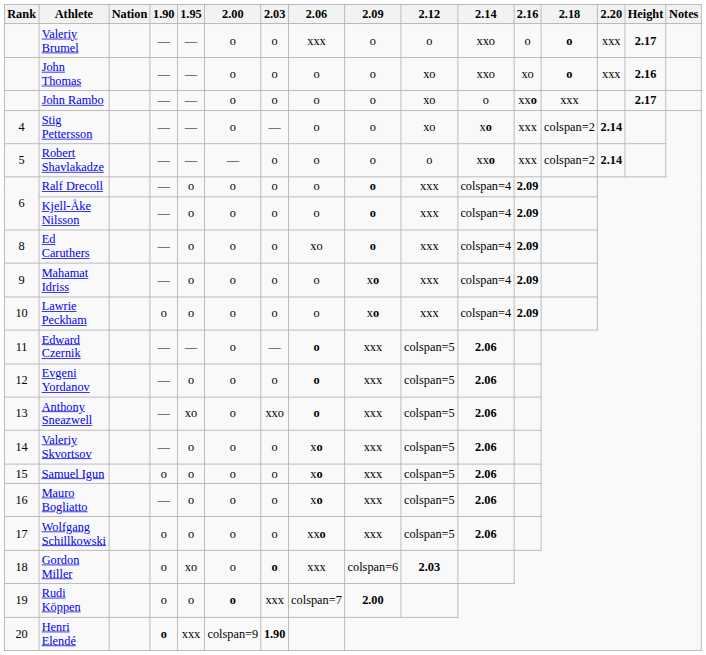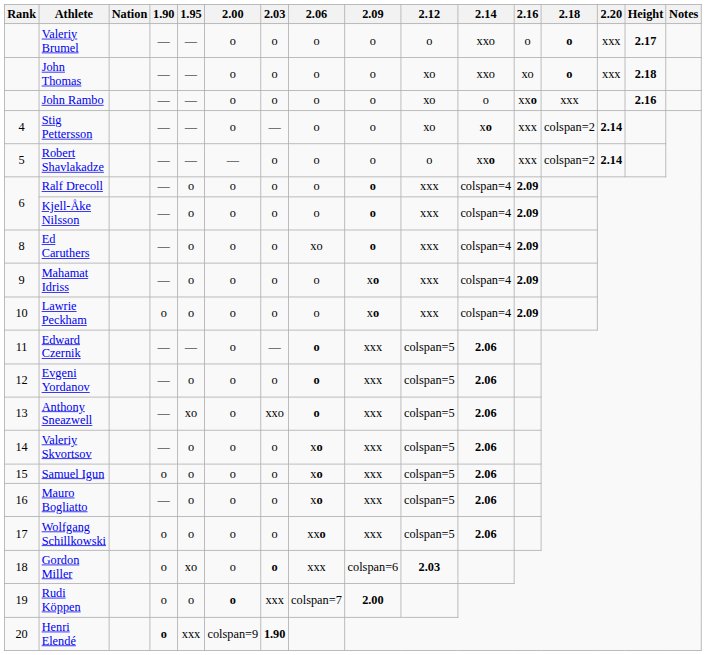 <table class="wikitable sortable" style="text-align:center">
 <tr>
 <th>Rank</th>
 <th>Athlete</th>
 <th>Nation</th>
 <th>1.90</th>
 <th>1.95</th>
 <th>2.00</th>
 <th>2.03</th>
 <th>2.06</th>
 <th>2.09</th>
 <th>2.12</th>
 <th>2.14</th>
 <th>2.16</th>
 <th>2.18</th>
 <th>2.20</th>
 <th>Height</th>
 <th>Notes</th>
 </tr>
 <tr>
 <td></td>
 <td align=left><a href='#'>Valeriy Brumel</a></td>
 <td align=left></td>
 <td>—</td>
 <td>—</td>
 <td>o</td>
 <td>o</td>
-<td>xxx</td>
+<td>o</td>
 <td>o</td>
 <td>o</td>
 <td>xxo</td>
 <td>o</td>
 <td><strong>o</strong></td>
 <td>xxx</td>
 <td><strong>2.17</strong></td>
 <td></td>
 </tr>
 <tr>
 <td></td>
 <td align=left><a href='#'>John Thomas</a></td>
 <td align=left></td>
 <td>—</td>
 <td>—</td>
 <td>o</td>
 <td>o</td>
 <td>o</td>
 <td>o</td>
 <td>xo</td>
 <td>xxo</td>
 <td>xo</td>
 <td><strong>o</strong></td>
 <td>xxx</td>
-<td><strong>2.16</strong></td>
+<td><strong>2.18</strong></td>
 <td></td>
 </tr>
 <tr>
 <td></td>
 <td align=left><a href='#'>John Rambo</a></td>
 <td align=left></td>
 <td>—</td>
 <td>—</td>
 <td>o</td>
 <td>o</td>
 <td>o</td>
 <td>o</td>
 <td>xo</td>
 <td>o</td>
 <td>xx<strong>o</strong></td>
 <td>xxx</td>
 <td></td>
-<td><strong>2.17</strong></td>
+<td><strong>2.16</strong></td>
 <td></td>
 </tr>
 <tr>
 <td>4</td>
 <td align=left><a href='#'>Stig Pettersson</a></td>
 <td align=left></td>
 <td>—</td>
 <td>—</td>
 <td>o</td>
 <td>—</td>
 <td>o</td>
 <td>o</td>
 <td>xo</td>
 <td>x<strong>o</strong></td>
 <td>xxx</td>
 <td>colspan=2 </td>
 <td><strong>2.14</strong></td>
 <td></td>
 </tr>
 <tr>
 <td>5</td>
 <td align=left><a href='#'>Robert Shavlakadze</a></td>
 <td align=left></td>
 <td>—</td>
 <td>—</td>
 <td>—</td>
 <td>o</td>
 <td>o</td>
 <td>o</td>
 <td>o</td>
 <td>xx<strong>o</strong></td>
 <td>xxx</td>
 <td>colspan=2 </td>
 <td><strong>2.14</strong></td>
 <td></td>
 </tr>
 <tr>
 <td rowspan=2>6</td>
 <td align=left><a href='#'>Ralf Drecoll</a></td>
 <td align=left></td>
 <td>—</td>
 <td>o</td>
 <td>o</td>
 <td>o</td>
 <td>o</td>
 <td><strong>o</strong></td>
 <td>xxx</td>
 <td>colspan=4 </td>
 <td><strong>2.09</strong></td>
 <td></td>
 </tr>
 <tr>
 <td align=left><a href='#'>Kjell-Åke Nilsson</a></td>
 <td align=left></td>
 <td>—</td>
 <td>o</td>
 <td>o</td>
 <td>o</td>
 <td>o</td>
 <td><strong>o</strong></td>
 <td>xxx</td>
 <td>colspan=4 </td>
 <td><strong>2.09</strong></td>
 <td></td>
 </tr>
 <tr>
 <td>8</td>
 <td align=left><a href='#'>Ed Caruthers</a></td>
 <td align=left></td>
 <td>—</td>
 <td>o</td>
 <td>o</td>
 <td>o</td>
 <td>xo</td>
 <td><strong>o</strong></td>
 <td>xxx</td>
 <td>colspan=4 </td>
 <td><strong>2.09</strong></td>
 <td></td>
 </tr>
 <tr>
 <td>9</td>
 <td align=left><a href='#'>Mahamat Idriss</a></td>
 <td align=left></td>
 <td>—</td>
 <td>o</td>
 <td>o</td>
 <td>o</td>
 <td>o</td>
 <td>x<strong>o</strong></td>
 <td>xxx</td>
 <td>colspan=4 </td>
 <td><strong>2.09</strong></td>
 <td></td>
 </tr>
 <tr>
 <td>10</td>
 <td align=left><a href='#'>Lawrie Peckham</a></td>
 <td align=left></td>
 <td>o</td>
 <td>o</td>
 <td>o</td>
 <td>o</td>
 <td>o</td>
 <td>x<strong>o</strong></td>
 <td>xxx</td>
 <td>colspan=4 </td>
 <td><strong>2.09</strong></td>
 <td></td>
 </tr>
 <tr>
 <td>11</td>
 <td align=left><a href='#'>Edward Czernik</a></td>
 <td align=left></td>
 <td>—</td>
 <td>—</td>
 <td>o</td>
 <td>—</td>
 <td><strong>o</strong></td>
 <td>xxx</td>
 <td>colspan=5 </td>
 <td><strong>2.06</strong></td>
 <td></td>
 </tr>
 <tr>
 <td>12</td>
 <td align=left><a href='#'>Evgeni Yordanov</a></td>
 <td align=left></td>
 <td>—</td>
 <td>o</td>
 <td>o</td>
 <td>o</td>
 <td><strong>o</strong></td>
 <td>xxx</td>
 <td>colspan=5 </td>
 <td><strong>2.06</strong></td>
 <td></td>
 </tr>
 <tr>
 <td>13</td>
 <td align=left><a href='#'>Anthony Sneazwell</a></td>
 <td align=left></td>
 <td>—</td>
 <td>xo</td>
 <td>o</td>
 <td>xxo</td>
 <td><strong>o</strong></td>
 <td>xxx</td>
 <td>colspan=5 </td>
 <td><strong>2.06</strong></td>
 <td></td>
 </tr>
 <tr>
 <td>14</td>
 <td align=left><a href='#'>Valeriy Skvortsov</a></td>
 <td align=left></td>
 <td>—</td>
 <td>o</td>
 <td>o</td>
 <td>o</td>
 <td>x<strong>o</strong></td>
 <td>xxx</td>
 <td>colspan=5 </td>
 <td><strong>2.06</strong></td>
 <td></td>
 </tr>
 <tr>
 <td>15</td>
 <td align=left><a href='#'>Samuel Igun</a></td>
 <td align=left></td>
 <td>o</td>
 <td>o</td>
 <td>o</td>
 <td>o</td>
 <td>x<strong>o</strong></td>
 <td>xxx</td>
 <td>colspan=5 </td>
 <td><strong>2.06</strong></td>
 <td></td>
 </tr>
 <tr>
 <td>16</td>
 <td align=left><a href='#'>Mauro Bogliatto</a></td>
 <td align=left></td>
 <td>—</td>
 <td>o</td>
 <td>o</td>
 <td>o</td>
 <td>x<strong>o</strong></td>
 <td>xxx</td>
 <td>colspan=5 </td>
 <td><strong>2.06</strong></td>
 <td></td>
 </tr>
 <tr>
 <td>17</td>
 <td align=left><a href='#'>Wolfgang Schillkowski</a></td>
 <td align=left></td>
 <td>o</td>
 <td>o</td>
 <td>o</td>
 <td>o</td>
 <td>xx<strong>o</strong></td>
 <td>xxx</td>
 <td>colspan=5 </td>
 <td><strong>2.06</strong></td>
 <td></td>
 </tr>
 <tr>
 <td>18</td>
 <td align=left><a href='#'>Gordon Miller</a></td>
 <td align=left></td>
 <td>o</td>
 <td>xo</td>
 <td>o</td>
 <td><strong>o</strong></td>
 <td>xxx</td>
 <td>colspan=6 </td>
 <td><strong>2.03</strong></td>
 <td></td>
 </tr>
 <tr>
 <td>19</td>
 <td align=left><a href='#'>Rudi Köppen</a></td>
 <td align=left></td>
 <td>o</td>
 <td>o</td>
 <td><strong>o</strong></td>
 <td>xxx</td>
 <td>colspan=7 </td>
 <td><strong>2.00</strong></td>
 <td></td>
 </tr>
 <tr>
 <td>20</td>
 <td align=left><a href='#'>Henri Elendé</a></td>
 <td align=left></td>
 <td><strong>o</strong></td>
 <td>xxx</td>
 <td>colspan=9 </td>
 <td><strong>1.90</strong></td>
 <td></td>
 </tr>
 </table>
